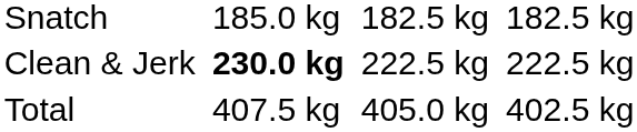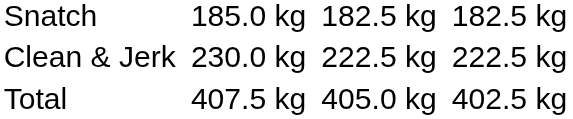 <table>
 <tr>
 <td>Snatch</td>
 <td></td>
 <td>185.0 kg</td>
 <td></td>
 <td>182.5 kg</td>
 <td></td>
 <td>182.5 kg</td>
 </tr>
 <tr>
 <td>Clean & Jerk</td>
 <td></td>
-<td><strong>230.0 kg</strong></td>
+<td>230.0 kg</td>
 <td></td>
 <td>222.5 kg</td>
 <td></td>
 <td>222.5 kg</td>
 </tr>
 <tr>
 <td>Total</td>
 <td></td>
 <td>407.5 kg</td>
 <td></td>
 <td>405.0 kg</td>
 <td></td>
 <td>402.5 kg</td>
 </tr>
 </table>
